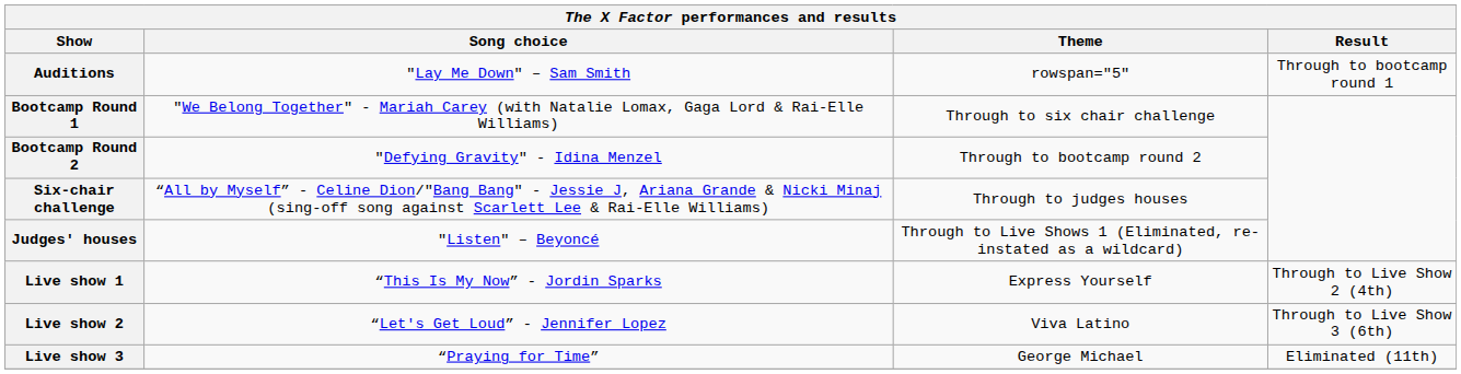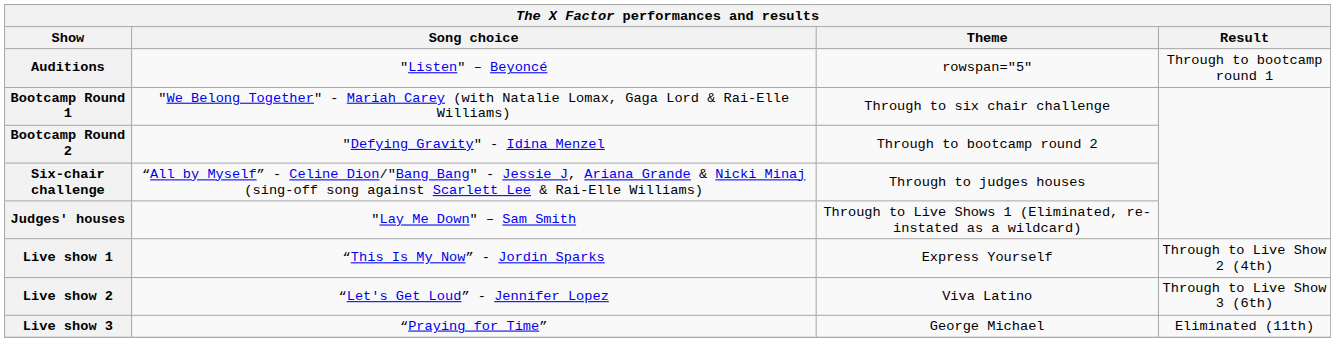 <table class="wikitable collapsible collapsed" style="margin:1em auto 1em auto; text-align:center;">
 <tr>
 <th colspan="5"><em>The X Factor</em> performances and results</th>
 </tr>
 <tr>
 <th style="text-align:centre;">Show</th>
 <th style="text-align:centre;">Song choice</th>
 <th style="text-align:centre;">Theme</th>
 <th style="text-align:centre;">Result</th>
 </tr>
 <tr>
 <th>Auditions</th>
-<td>"<a href='#'>Lay Me Down</a>" – <a href='#'>Sam Smith</a></td>
+<td>"<a href='#'>Listen</a>" – <a href='#'>Beyoncé</a></td>
 <td>rowspan="5" </td>
 <td>Through to bootcamp round 1</td>
 </tr>
 <tr>
 <th>Bootcamp Round 1</th>
 <td>"<a href='#'>We Belong Together</a>" - <a href='#'>Mariah Carey</a> (with Natalie Lomax, Gaga Lord & Rai-Elle Williams)</td>
 <td>Through to six chair challenge</td>
 </tr>
 <tr>
 <th>Bootcamp Round 2</th>
 <td>"<a href='#'>Defying Gravity</a>" - <a href='#'>Idina Menzel</a></td>
 <td>Through to bootcamp round 2</td>
 </tr>
 <tr>
 <th>Six-chair challenge</th>
 <td>“<a href='#'>All by Myself</a>” - <a href='#'>Celine Dion</a>/"<a href='#'>Bang Bang</a>" - <a href='#'>Jessie J</a>, <a href='#'>Ariana Grande</a> & <a href='#'>Nicki Minaj</a> (sing-off song against <a href='#'>Scarlett Lee</a> & Rai-Elle Williams)</td>
 <td>Through to judges houses</td>
 </tr>
 <tr>
 <th>Judges' houses</th>
-<td>"<a href='#'>Listen</a>" – <a href='#'>Beyoncé</a></td>
+<td>"<a href='#'>Lay Me Down</a>" – <a href='#'>Sam Smith</a></td>
 <td>Through to Live Shows 1 (Eliminated, re-instated as a wildcard)</td>
 </tr>
 <tr>
 <th>Live show 1</th>
 <td>“<a href='#'>This Is My Now</a>” - <a href='#'>Jordin Sparks</a></td>
 <td>Express Yourself</td>
 <td>Through to Live Show 2 (4th)</td>
 </tr>
 <tr>
 <th>Live show 2</th>
 <td>“<a href='#'>Let's Get Loud</a>” - <a href='#'>Jennifer Lopez</a></td>
 <td>Viva Latino</td>
 <td>Through to Live Show 3 (6th)</td>
 </tr>
 <tr>
 <th>Live show 3</th>
 <td>“<a href='#'>Praying for Time</a>”</td>
 <td>George Michael</td>
 <td>Eliminated (11th)</td>
 </tr>
 <tr>
 </tr>
 </table>
